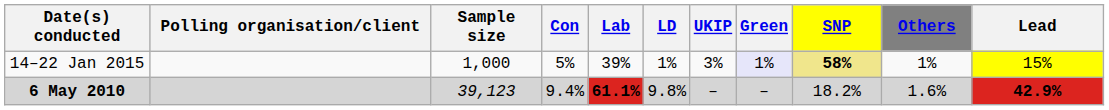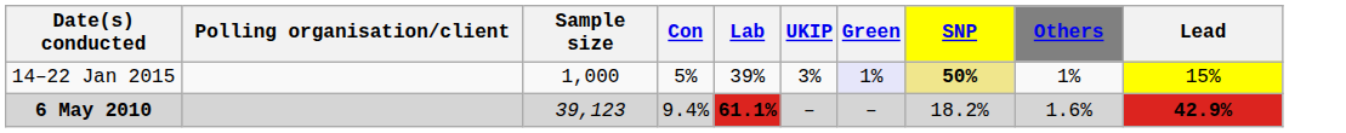 <table class="wikitable sortable" style="text-align:center;font-size:90%;line-height:14px">
 <tr>
 <th ! style="width:100px;">Date(s)<br>conducted</th>
 <th style="width:200px;">Polling organisation/client</th>
 <th class="unsortable" style="width:75px;">Sample size</th>
 <th class="unsortable" style="background:"><a href='#'><span>Con</span></a></th>
 <th class="unsortable" style="background:"><a href='#'><span>Lab</span></a></th>
-<th class="unsortable" style="background:"><a href='#'><span>LD</span></a></th>
 <th class="unsortable" style="background:"><a href='#'><span>UKIP</span></a></th>
 <th class="unsortable" style="background:"><a href='#'><span>Green</span></a></th>
 <th class="unsortable" style="background:#ffff00; width:60px;"><a href='#'><span>SNP</span></a></th>
 <th class="unsortable" style="background:gray; width:60px;"><a href='#'><span>Others</span></a></th>
 <th class="unsortable" style="width:90px;">Lead</th>
 </tr>
 <tr>
 <td>14–22 Jan 2015</td>
 <td> </td>
 <td>1,000</td>
 <td>5%</td>
 <td>39%</td>
-<td>1%</td>
 <td>3%</td>
 <td style="background: lavender;">1%</td>
-<td style="background:khaki"><strong>58%</strong></td>
+<td style="background:khaki"><strong>50%</strong></td>
 <td>1%</td>
 <td style="background:#ff0"><span>15% </span></td>
 </tr>
 <tr>
 <td style="background:#D5D5D5"><strong>6 May 2010</strong></td>
 <td style="background:#D5D5D5"></td>
 <td style="background:#D5D5D5"><em>39,123</em></td>
 <td style="background:#D5D5D5">9.4%</td>
 <td style="background:#dc241f"><span><strong>61.1%</strong></span></td>
-<td style="background:#D5D5D5">9.8%</td>
 <td style="background:#D5D5D5">–</td>
 <td style="background:#D5D5D5">–</td>
 <td style="background:#D5D5D5">18.2%</td>
 <td style="background:#D5D5D5">1.6%</td>
 <td style="background:#dc241f"><span><strong>42.9% </strong></span></td>
 </tr>
 </table>
